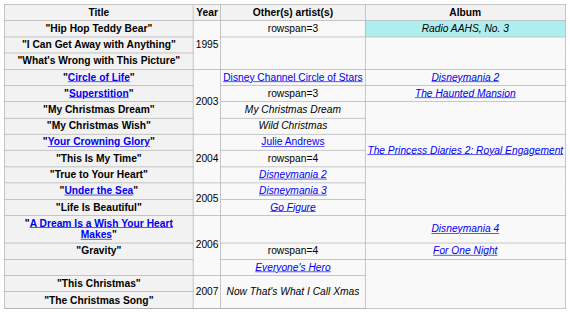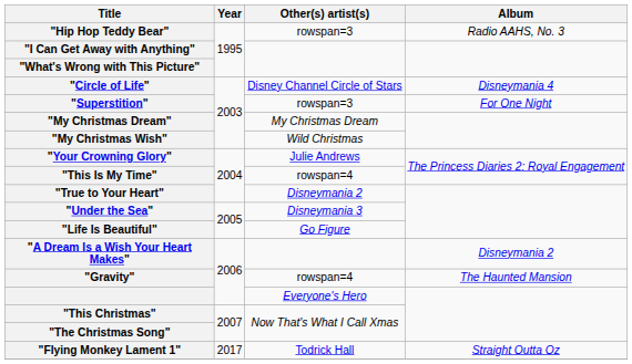 <table class="wikitable plainrowheaders" style="text-align:center;" border="1">
 <tr>
 <th scope="col" style="width:18em;">Title</th>
 <th scope="col">Year</th>
 <th scope="col">Other(s) artist(s)</th>
 <th scope="col">Album</th>
 </tr>
 <tr>
 <th scope="row">"Hip Hop Teddy Bear"</th>
 <td rowspan=3>1995</td>
 <td>rowspan=3 </td>
-<td style="background: paleturquoise;"><em>Radio AAHS, No. 3</em></td>
+<td><em>Radio AAHS, No. 3</em></td>
 </tr>
 <tr>
 <th scope="row">"I Can Get Away with Anything"</th>
 <td rowspan=2></td>
 </tr>
 <tr>
 <th scope="row">"What's Wrong with This Picture"</th>
 </tr>
 <tr>
 <th scope="row">"<a href='#'>Circle of Life</a>"</th>
 <td rowspan=4>2003</td>
 <td><a href='#'>Disney Channel Circle of Stars</a></td>
-<td><em><a href='#'>Disneymania 2</a></em></td>
+<td><em><a href='#'>Disneymania 4</a></em></td>
 </tr>
 <tr>
 <th scope="row">"<a href='#'>Superstition</a>"</th>
 <td>rowspan=3 </td>
-<td><em><a href='#'>The Haunted Mansion</a></em></td>
+<td><em><a href='#'>For One Night</a></em></td>
 </tr>
 <tr>
 <th scope="row">"My Christmas Dream"</th>
 <td><em>My Christmas Dream</em></td>
 </tr>
 <tr>
 <th scope="row">"My Christmas Wish"</th>
 <td><em>Wild Christmas</em></td>
 </tr>
 <tr>
 <th scope="row">"<a href='#'>Your Crowning Glory</a>"</th>
 <td rowspan=3>2004</td>
 <td><a href='#'>Julie Andrews</a></td>
 <td rowspan=2><em><a href='#'>The Princess Diaries 2: Royal Engagement</a></em></td>
 </tr>
 <tr>
 <th scope="row">"This Is My Time"</th>
 <td>rowspan=4 </td>
 </tr>
 <tr>
 <th scope="row">"True to Your Heart"</th>
 <td><em><a href='#'>Disneymania 2</a></em></td>
 </tr>
 <tr>
 <th scope="row">"<a href='#'>Under the Sea</a>"</th>
 <td rowspan=2>2005</td>
 <td><em><a href='#'>Disneymania 3</a></em></td>
 </tr>
 <tr>
 <th scope="row">"Life Is Beautiful"</th>
 <td><em><a href='#'>Go Figure</a></em></td>
 </tr>
 <tr>
 <th scope="row">"<a href='#'>A Dream Is a Wish Your Heart Makes</a>"</th>
 <td rowspan=3>2006</td>
 <td></td>
-<td><em><a href='#'>Disneymania 4</a></em></td>
+<td><em><a href='#'>Disneymania 2</a></em></td>
 </tr>
 <tr>
 <th scope="row">"Gravity"</th>
 <td>rowspan=4 </td>
-<td><em><a href='#'>For One Night</a></em></td>
+<td><em><a href='#'>The Haunted Mansion</a></em></td>
 </tr>
 <tr>
 <th scope="row"></th>
 <td><em><a href='#'>Everyone's Hero</a></em></td>
 </tr>
 <tr>
 <th scope="row">"This Christmas"</th>
 <td rowspan=2>2007</td>
 <td rowspan=2><em>Now That's What I Call Xmas</em></td>
 </tr>
 <tr>
 <th scope="row">"The Christmas Song"</th>
 </tr>
 <tr>
+<th scope="row">"Flying Monkey Lament 1"</th>
+<td>2017</td>
+<td><a href='#'>Todrick Hall</a></td>
+<td><em><a href='#'>Straight Outta Oz</a></em></td>
+</tr>
+<tr>
 </tr>
 </table>
